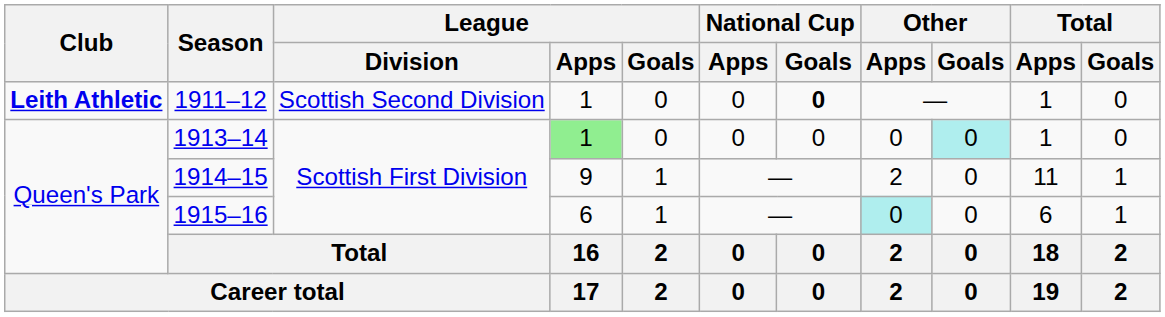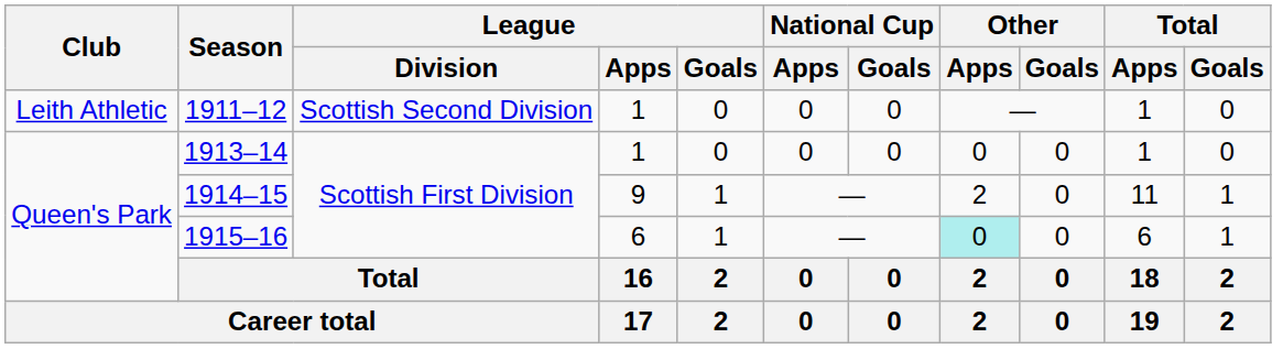 <table class="wikitable" style="text-align: center;">
 <tr>
 <th rowspan="2">Club</th>
 <th rowspan="2">Season</th>
 <th colspan="3">League</th>
 <th colspan="2">National Cup</th>
 <th colspan="2">Other</th>
 <th colspan="2">Total</th>
 </tr>
 <tr>
 <th>Division</th>
 <th>Apps</th>
 <th>Goals</th>
 <th>Apps</th>
 <th>Goals</th>
 <th>Apps</th>
 <th>Goals</th>
 <th>Apps</th>
 <th>Goals</th>
 </tr>
 <tr>
-<td><strong><a href='#'>Leith Athletic</a></strong></td>
+<td><a href='#'>Leith Athletic</a></td>
 <td><a href='#'>1911–12</a></td>
 <td><a href='#'>Scottish Second Division</a></td>
 <td>1</td>
 <td>0</td>
 <td>0</td>
-<td><strong>0</strong></td>
+<td>0</td>
 <td colspan="2">—</td>
 <td>1</td>
 <td>0</td>
 </tr>
 <tr>
 <td rowspan="4"><a href='#'>Queen's Park</a></td>
 <td><a href='#'>1913–14</a></td>
 <td rowspan="3"><a href='#'>Scottish First Division</a></td>
-<td style="background: lightgreen;">1</td>
+<td>1</td>
 <td>0</td>
 <td>0</td>
 <td>0</td>
 <td>0</td>
-<td style="background: paleturquoise;">0</td>
+<td>0</td>
 <td>1</td>
 <td>0</td>
 </tr>
 <tr>
 <td><a href='#'>1914–15</a></td>
 <td>9</td>
 <td>1</td>
 <td colspan="2">—</td>
 <td>2</td>
 <td>0</td>
 <td>11</td>
 <td>1</td>
 </tr>
 <tr>
 <td><a href='#'>1915–16</a></td>
 <td>6</td>
 <td>1</td>
 <td colspan="2">—</td>
 <td style="background: paleturquoise;">0</td>
 <td>0</td>
 <td>6</td>
 <td>1</td>
 </tr>
 <tr>
 <th colspan="2">Total</th>
 <th>16</th>
 <th>2</th>
 <th>0</th>
 <th>0</th>
 <th>2</th>
 <th>0</th>
 <th>18</th>
 <th>2</th>
 </tr>
 <tr>
 <th colspan="3">Career total</th>
 <th>17</th>
 <th>2</th>
 <th>0</th>
 <th>0</th>
 <th>2</th>
 <th>0</th>
 <th>19</th>
 <th>2</th>
 </tr>
 </table>
